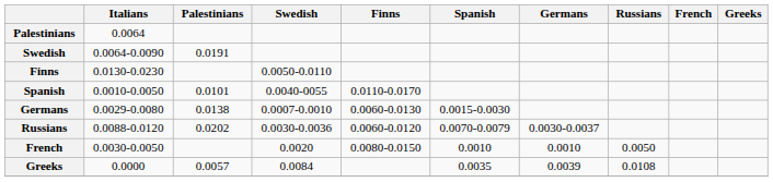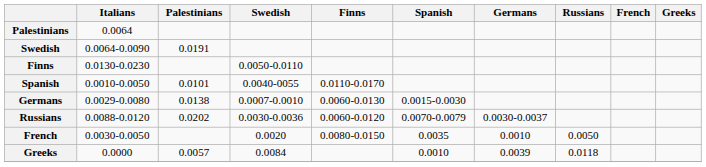 <table class="wikitable" style="text-align:center; width:80%;">
 <tr>
 <th scope=col></th>
 <th scope=col>Italians</th>
 <th scope=col>Palestinians</th>
 <th scope=col>Swedish</th>
 <th scope=col>Finns</th>
 <th scope=col>Spanish</th>
 <th scope=col>Germans</th>
 <th scope=col>Russians</th>
 <th scope=col>French</th>
 <th scope=col>Greeks</th>
 </tr>
 <tr>
 <th scope=row>Palestinians</th>
 <td>0.0064</td>
 <td></td>
 <td></td>
 <td></td>
 <td></td>
 <td></td>
 <td></td>
 <td></td>
 <td></td>
 </tr>
 <tr>
 <th scope=row>Swedish</th>
 <td>0.0064-0.0090</td>
 <td>0.0191</td>
 <td></td>
 <td></td>
 <td></td>
 <td></td>
 <td></td>
 <td></td>
 <td></td>
 </tr>
 <tr>
 <th scope=row>Finns</th>
 <td>0.0130-0.0230</td>
 <td></td>
 <td>0.0050-0.0110</td>
 <td></td>
 <td></td>
 <td></td>
 <td></td>
 <td></td>
 <td></td>
 </tr>
 <tr>
 <th scope=row>Spanish</th>
 <td>0.0010-0.0050</td>
 <td>0.0101</td>
 <td>0.0040-0055</td>
 <td>0.0110-0.0170</td>
 <td></td>
 <td></td>
 <td></td>
 <td></td>
 <td></td>
 </tr>
 <tr>
 <th scope=row>Germans</th>
 <td>0.0029-0.0080</td>
 <td>0.0138</td>
 <td>0.0007-0.0010</td>
 <td>0.0060-0.0130</td>
 <td>0.0015-0.0030</td>
 <td></td>
 <td></td>
 <td></td>
 <td></td>
 </tr>
 <tr>
 <th scope=row>Russians</th>
 <td>0.0088-0.0120</td>
 <td>0.0202</td>
 <td>0.0030-0.0036</td>
 <td>0.0060-0.0120</td>
 <td>0.0070-0.0079</td>
 <td>0.0030-0.0037</td>
 <td></td>
 <td></td>
 <td></td>
 </tr>
 <tr>
 <th scope=row>French</th>
 <td>0.0030-0.0050</td>
 <td></td>
 <td>0.0020</td>
 <td>0.0080-0.0150</td>
-<td>0.0010</td>
+<td>0.0035</td>
 <td>0.0010</td>
 <td>0.0050</td>
 <td></td>
 <td></td>
 </tr>
 <tr>
 <th scope=row>Greeks</th>
 <td>0.0000</td>
 <td>0.0057</td>
 <td>0.0084</td>
 <td></td>
-<td>0.0035</td>
+<td>0.0010</td>
 <td>0.0039</td>
-<td>0.0108</td>
+<td>0.0118</td>
 <td></td>
 <td></td>
 </tr>
 <tr>
 </tr>
 </table>
